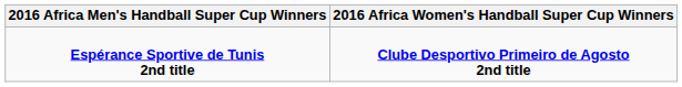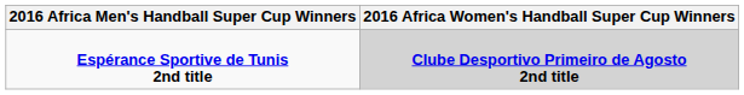 <table class=wikitable style="text-align:center; margin:auto">
 <tr>
 <th>2016 Africa Men's Handball Super Cup Winners</th>
 <th>2016 Africa Women's Handball Super Cup Winners</th>
 </tr>
 <tr>
 <td><br><strong><a href='#'>Espérance Sportive de Tunis</a></strong><br><strong>2nd title</strong></td>
-<td><br><strong><a href='#'>Clube Desportivo Primeiro de Agosto</a></strong><br><strong>2nd title</strong></td>
+<td style="background: lightgrey;"><br><strong><a href='#'>Clube Desportivo Primeiro de Agosto</a></strong><br><strong>2nd title</strong></td>
 </tr>
 </table>
